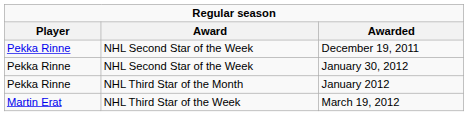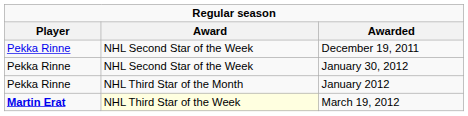 <table class="wikitable" width="52%">
 <tr>
 <td colspan="10" align="center"><strong>Regular season</strong></td>
 </tr>
 <tr>
 <th>Player</th>
 <th>Award</th>
 <th>Awarded</th>
 </tr>
 <tr>
 <td><a href='#'>Pekka Rinne</a></td>
 <td>NHL Second Star of the Week</td>
 <td>December 19, 2011</td>
 </tr>
 <tr>
 <td>Pekka Rinne</td>
 <td>NHL Second Star of the Week</td>
 <td>January 30, 2012</td>
 </tr>
 <tr>
 <td>Pekka Rinne</td>
 <td>NHL Third Star of the Month</td>
 <td>January 2012</td>
 </tr>
 <tr>
-<td><a href='#'>Martin Erat</a></td>
-<td>NHL Third Star of the Week</td>
+<td><strong><a href='#'>Martin Erat</a></strong></td>
+<td style="background: lightyellow;">NHL Third Star of the Week</td>
 <td>March 19, 2012</td>
 </tr>
 </table>
